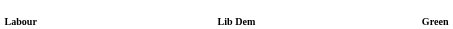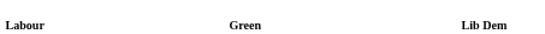 <table style="width:60%; text-align:center;">
 <tr style="color:white;">
 <td style="background:"><strong>26</strong></td>
+<td style="background:"><strong>10</strong></td>
 <td style="background:"><strong>3</strong></td>
-<td style="background:"><strong>10</strong></td>
 </tr>
 <tr>
 <td><span><strong>Labour</strong></span></td>
+<td><span><strong>Green</strong></span></td>
 <td><span><strong>Lib Dem</strong></span></td>
-<td><span><strong>Green</strong></span></td>
 </tr>
 </table>
